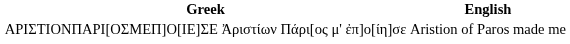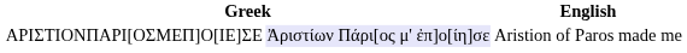 <table>
 <tr>
 <th colspan="2">Greek</th>
 <th>English</th>
 </tr>
 <tr>
 <td>ΑΡΙΣΤΙΟΝΠΑΡΙ[ΟΣΜΕΠ]Ο[ΙΕ]ΣΕ</td>
-<td>Ἀριστίων Πάρι[ος μ' ἐπ]ο[ίη]σε</td>
+<td style="background: lavender;">Ἀριστίων Πάρι[ος μ' ἐπ]ο[ίη]σε</td>
 <td>Aristion of Paros made me</td>
 </tr>
 </table>
